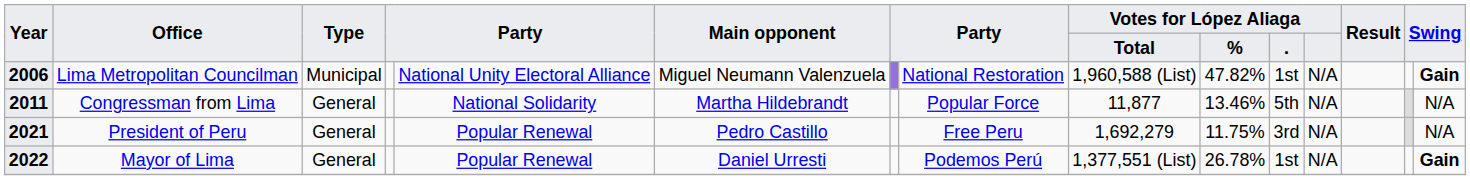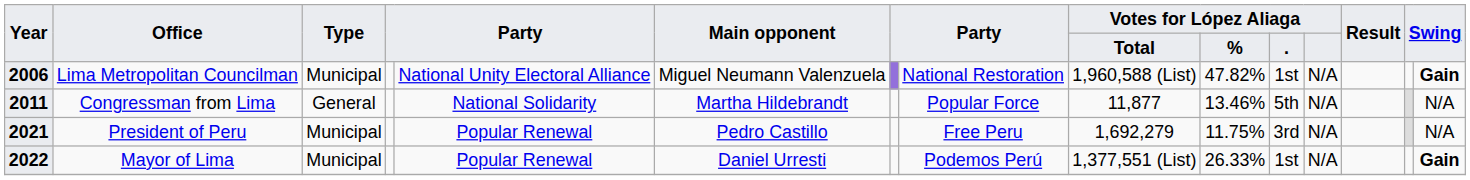 <table class="wikitable" style="font-size:90%; text-align:center;">
 <tr>
 <th style="background-color:#EAECF0;" rowspan=2>Year</th>
 <th style="background-color:#EAECF0;" rowspan=2>Office</th>
 <th style="background-color:#EAECF0;" rowspan=2>Type</th>
 <th style="background-color:#EAECF0;" colspan=2 rowspan=2>Party</th>
 <th style="background-color:#EAECF0;" rowspan=2>Main opponent</th>
 <th style="background-color:#EAECF0;" colspan=2 rowspan=2>Party</th>
 <th style="background-color:#EAECF0;" colspan=4>Votes for López Aliaga</th>
 <th style="background-color:#EAECF0;" rowspan=2>Result</th>
 <th style="background-color:#EAECF0;" colspan=2 rowspan=2><a href='#'>Swing</a></th>
 </tr>
 <tr>
 <th style="background-color:#EAECF0;">Total</th>
 <th style="background-color:#EAECF0;">%</th>
 <th style="background-color:#EAECF0;">.</th>
 <th style="background-color:#EAECF0;"></th>
 </tr>
 <tr>
 <th style="background-color:#EAECF0;">2006</th>
 <td><a href='#'>Lima Metropolitan Councilman</a></td>
 <td>Municipal</td>
 <td style="background-color:"></td>
 <td><a href='#'>National Unity Electoral Alliance</a></td>
 <td>Miguel Neumann Valenzuela</td>
 <td style="background-color:#9370DB;"></td>
 <td><a href='#'>National Restoration</a></td>
 <td>1,960,588 (List)</td>
 <td>47.82%</td>
 <td>1st</td>
 <td>N/A</td>
 <td></td>
 <td style="background-color:"></td>
 <td colspan=2><strong>Gain</strong></td>
 </tr>
 <tr>
 <th style="background-color:#EAECF0;">2011</th>
 <td><a href='#'>Congressman</a> from <a href='#'>Lima</a></td>
 <td>General</td>
 <td style="background-color:"></td>
 <td><a href='#'>National Solidarity</a></td>
 <td><a href='#'>Martha Hildebrandt</a></td>
 <td style="background-color:"></td>
 <td><a href='#'>Popular Force</a></td>
 <td>11,877</td>
 <td>13.46%</td>
 <td>5th</td>
 <td>N/A</td>
 <td></td>
 <td style="background-color:#dddddd;"></td>
 <td colspan=2>N/A</td>
 </tr>
 <tr>
 <th style="background-color:#EAECF0;">2021</th>
 <td><a href='#'>President of Peru</a></td>
-<td>General</td>
+<td>Municipal</td>
 <td style="background-color:"></td>
 <td><a href='#'>Popular Renewal</a></td>
 <td><a href='#'>Pedro Castillo</a></td>
 <td style="background-color:"></td>
 <td><a href='#'>Free Peru</a></td>
 <td>1,692,279</td>
 <td>11.75%</td>
 <td>3rd</td>
 <td>N/A</td>
 <td></td>
 <td style="background-color:#dddddd;"></td>
 <td colspan=2>N/A</td>
 </tr>
 <tr>
 <th style="background-color:#EAECF0;">2022</th>
 <td><a href='#'>Mayor of Lima</a></td>
-<td>General</td>
+<td>Municipal</td>
 <td style="background-color:"></td>
 <td><a href='#'>Popular Renewal</a></td>
 <td><a href='#'>Daniel Urresti</a></td>
 <td style="background-color:"></td>
 <td><a href='#'>Podemos Perú</a></td>
 <td>1,377,551 (List)</td>
-<td>26.78%</td>
+<td>26.33%</td>
 <td>1st</td>
 <td>N/A</td>
 <td></td>
 <td style="background-color:"></td>
 <td><strong>Gain</strong></td>
 </tr>
 <tr>
 </tr>
 </table>
